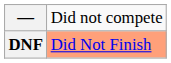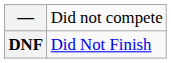 <table class="wikitable">
 <tr>
 <th scope="row">—</th>
 <td>Did not compete</td>
 </tr>
 <tr>
 <th scope="row">DNF</th>
-<td style="background: lightsalmon;"><a href='#'>Did Not Finish</a></td>
+<td><a href='#'>Did Not Finish</a></td>
 </tr>
 </table>
